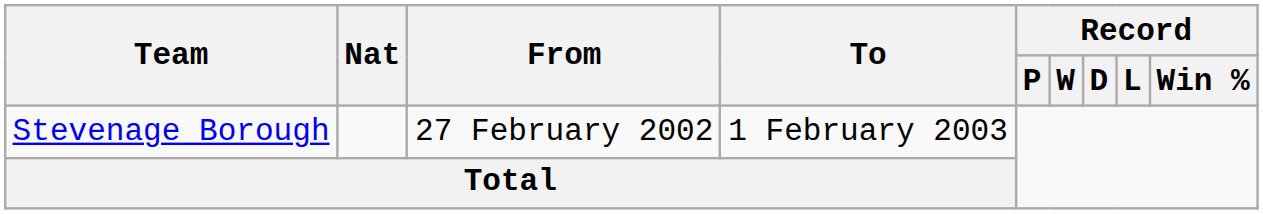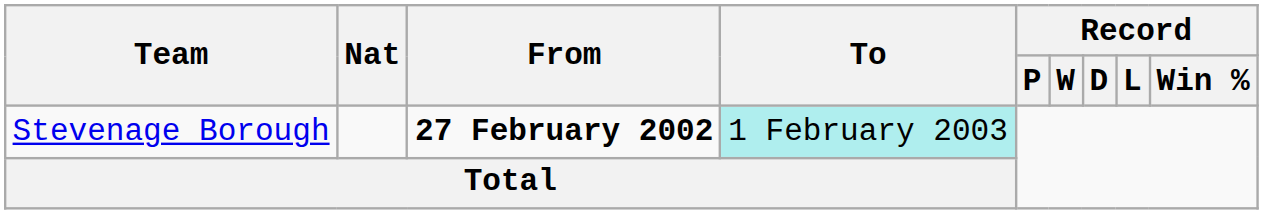 <table class="wikitable" style="text-align: center">
 <tr>
 <th rowspan="2">Team</th>
 <th rowspan="2">Nat</th>
 <th rowspan="2">From</th>
 <th rowspan="2">To</th>
 <th colspan="5">Record</th>
 </tr>
 <tr>
 <th>P</th>
 <th>W</th>
 <th>D</th>
 <th>L</th>
 <th>Win %</th>
 </tr>
 <tr>
 <td align=left><a href='#'>Stevenage Borough</a></td>
 <td></td>
-<td align=left>27 February 2002</td>
-<td align=left>1 February 2003<br></td>
+<td align=left><strong>27 February 2002</strong></td>
+<td align=left style="background: paleturquoise;">1 February 2003<br></td>
 </tr>
 <tr>
 <th colspan="4">Total<br></th>
 </tr>
 </table>
